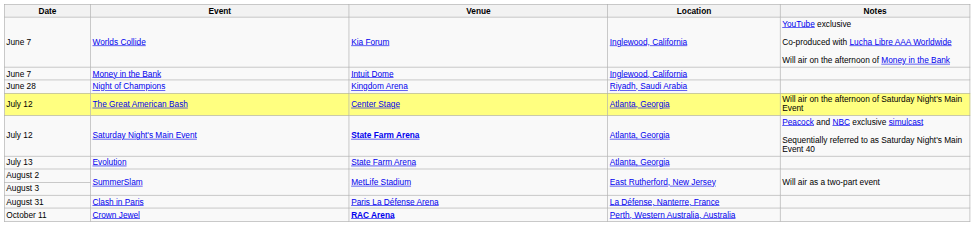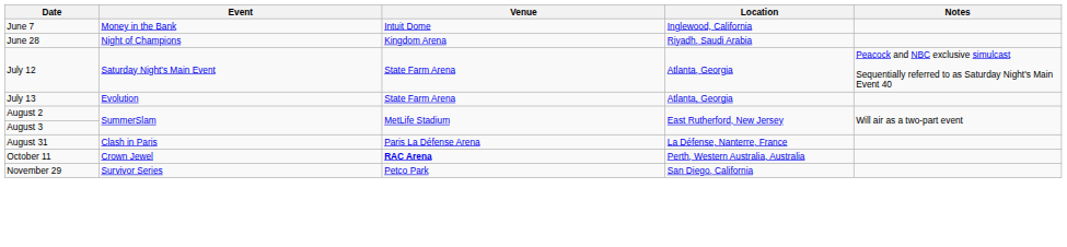 <table id="Upcoming_events_2025" class="sortable wikitable succession-box" style="font-size:85%; width:100%">
 <tr>
 <th scope="col" style="width:5%;">Date</th>
 <th scope="col" style="width:15%;">Event</th>
 <th scope="col" style="width:15%;">Venue</th>
 <th scope="col" style="width:10%;">Location</th>
 <th scope="col" style="width:11%;">Notes</th>
-</tr>
-<tr>
-<td>June 7</td>
-<td><a href='#'>Worlds Collide</a></td>
-<td><a href='#'>Kia Forum</a></td>
-<td><a href='#'>Inglewood, California</a></td>
-<td><a href='#'>YouTube</a> exclusive<br><br>Co-produced with <a href='#'>Lucha Libre AAA Worldwide</a><br><br>Will air on the afternoon of <a href='#'>Money in the Bank</a></td>
 </tr>
 <tr>
 <td>June 7</td>
 <td><a href='#'>Money in the Bank</a></td>
 <td><a href='#'>Intuit Dome</a></td>
 <td><a href='#'>Inglewood, California</a></td>
 <td></td>
 </tr>
 <tr>
 <td>June 28</td>
 <td><a href='#'>Night of Champions</a></td>
 <td><a href='#'>Kingdom Arena</a></td>
 <td><a href='#'>Riyadh, Saudi Arabia</a></td>
 <td></td>
 </tr>
-<tr style="background: #FFFF80">
-<td>July 12</td>
-<td><a href='#'>The Great American Bash</a></td>
-<td><a href='#'>Center Stage</a></td>
-<td><a href='#'>Atlanta, Georgia</a></td>
-<td>Will air on the afternoon of Saturday Night's Main Event</td>
-</tr>
 <tr>
 <td>July 12</td>
 <td><a href='#'>Saturday Night's Main Event</a></td>
-<td><strong><a href='#'>State Farm Arena</a></strong></td>
+<td><a href='#'>State Farm Arena</a></td>
 <td><a href='#'>Atlanta, Georgia</a></td>
 <td><a href='#'>Peacock</a> and <a href='#'>NBC</a> exclusive <a href='#'>simulcast</a><br><br> Sequentially referred to as Saturday Night's Main Event 40</td>
 </tr>
 <tr>
 <td>July 13</td>
 <td><a href='#'>Evolution</a></td>
 <td><a href='#'>State Farm Arena</a></td>
 <td><a href='#'>Atlanta, Georgia</a></td>
 <td></td>
 </tr>
 <tr>
 <td>August 2</td>
 <td rowspan="2"><a href='#'>SummerSlam</a></td>
 <td rowspan="2"><a href='#'>MetLife Stadium</a></td>
 <td rowspan="2"><a href='#'>East Rutherford, New Jersey</a></td>
 <td rowspan="2">Will air as a two-part event</td>
 </tr>
 <tr>
 <td>August 3</td>
 </tr>
 <tr>
 <td>August 31</td>
 <td><a href='#'>Clash in Paris</a></td>
 <td><a href='#'>Paris La Défense Arena</a></td>
 <td><a href='#'>La Défense, Nanterre, France</a></td>
 <td></td>
 </tr>
 <tr>
 <td>October 11</td>
 <td><a href='#'>Crown Jewel</a></td>
 <td><strong><a href='#'>RAC Arena</a></strong></td>
 <td><a href='#'>Perth, Western Australia, Australia</a></td>
 <td></td>
 </tr>
+<tr>
+<td>November 29</td>
+<td><a href='#'>Survivor Series</a></td>
+<td><a href='#'>Petco Park</a></td>
+<td><a href='#'>San Diego, California</a></td>
+<td></td>
+</tr>
 </table>
